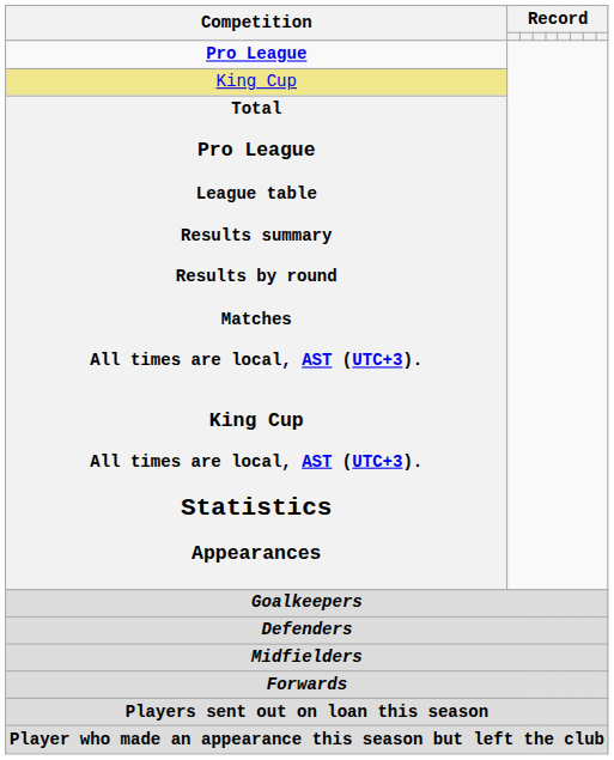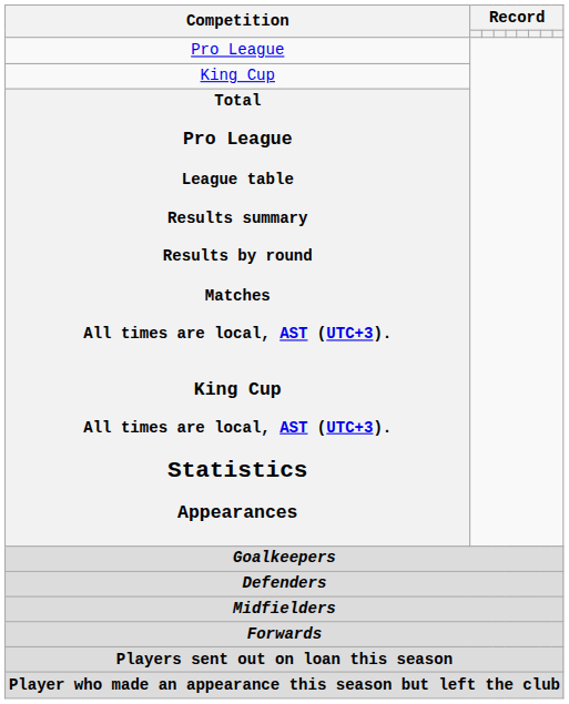 <table class="wikitable" style="text-align: center">
 <tr>
 <th rowspan=2>Competition</th>
 <th colspan=8>Record</th>
 </tr>
 <tr>
 <th></th>
 <th></th>
 <th></th>
 <th></th>
 <th></th>
 <th></th>
 <th></th>
 <th></th>
 </tr>
 <tr>
-<td><strong><a href='#'>Pro League</a><br></strong></td>
+<td><a href='#'>Pro League</a><br></td>
 </tr>
 <tr>
-<td style="background: khaki;"><a href='#'>King Cup</a><br></td>
+<td><a href='#'>King Cup</a><br></td>
 </tr>
 <tr>
 <th>Total<br> <h3>Pro League</h3><h4>League table</h4><h4>Results summary</h4> <h4>Results by round</h4><h4>Matches</h4>All times are local, <a href='#'>AST</a> (<a href='#'>UTC+3</a>).<br>   <br>                                 <h3>King Cup</h3> All times are local, <a href='#'>AST</a> (<a href='#'>UTC+3</a>).<br><h2>Statistics</h2><h3>Appearances</h3></th>
 </tr>
 <tr>
 <th colspan=10 style=background:#dcdcdc; text-align:center><em>Goalkeepers</em><br>  </th>
 </tr>
 <tr>
 <th colspan=10 style=background:#dcdcdc; text-align:center><em>Defenders</em><br>        </th>
 </tr>
 <tr>
 <th colspan=10 style=background:#dcdcdc; text-align:center><em>Midfielders</em><br>         </th>
 </tr>
 <tr>
 <th colspan=10 style=background:#dcdcdc; text-align:center><em>Forwards</em><br>    </th>
 </tr>
 <tr>
 <th colspan=16 style=background:#dcdcdc; text-align:center>Players sent out on loan this season<br> </th>
 </tr>
 <tr>
 <th colspan=20 style=background:#dcdcdc; text-align:center>Player who made an appearance this season but left the club<br>    </th>
 </tr>
 </table>
